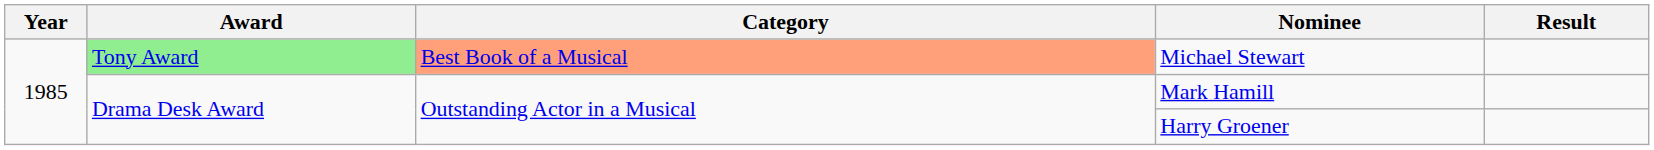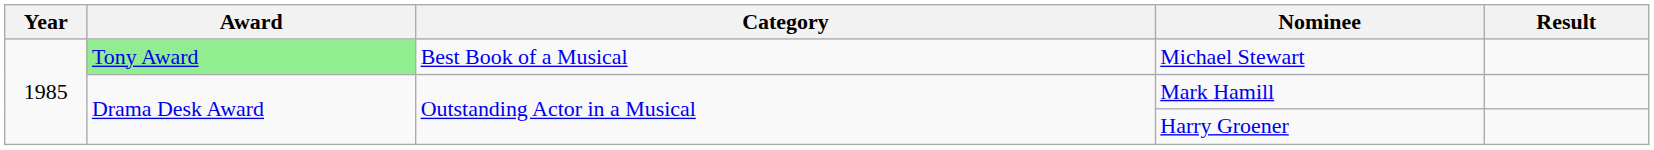 <table class="wikitable" width="95%">
 <tr>
 <th width="5%">Year</th>
 <th width="20%">Award</th>
 <th width="45%">Category</th>
 <th width="20%">Nominee</th>
 <th width="10%">Result</th>
 </tr>
 <tr>
 <td rowspan="3" align="center">1985</td>
 <td style="background: lightgreen;"><a href='#'>Tony Award</a></td>
-<td style="background: lightsalmon;"><a href='#'>Best Book of a Musical</a></td>
+<td><a href='#'>Best Book of a Musical</a></td>
 <td><a href='#'>Michael Stewart</a></td>
 <td></td>
 </tr>
 <tr>
 <td rowspan="2"><a href='#'>Drama Desk Award</a></td>
 <td rowspan="2"><a href='#'>Outstanding Actor in a Musical</a></td>
 <td><a href='#'>Mark Hamill</a></td>
 <td></td>
 </tr>
 <tr>
 <td><a href='#'>Harry Groener</a></td>
 <td></td>
 </tr>
 </table>
